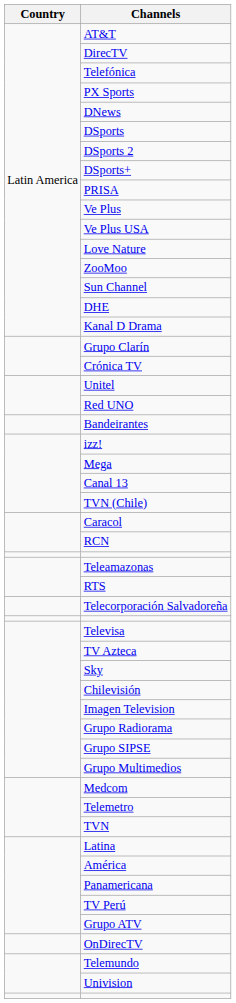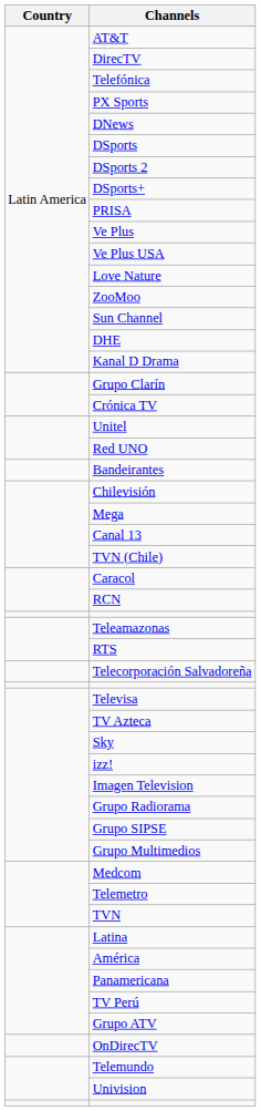 <table class="wikitable">
 <tr>
 <th>Country</th>
 <th>Channels</th>
 </tr>
 <tr>
 <td rowspan="16">Latin America</td>
 <td><a href='#'>AT&T</a></td>
 </tr>
 <tr>
 <td><a href='#'>DirecTV</a></td>
 </tr>
 <tr>
 <td><a href='#'>Telefónica</a></td>
 </tr>
 <tr>
 <td><a href='#'>PX Sports</a></td>
 </tr>
 <tr>
 <td><a href='#'>DNews</a></td>
 </tr>
 <tr>
 <td><a href='#'>DSports</a></td>
 </tr>
 <tr>
 <td><a href='#'>DSports 2</a></td>
 </tr>
 <tr>
 <td><a href='#'>DSports+</a></td>
 </tr>
 <tr>
 <td><a href='#'>PRISA</a></td>
 </tr>
 <tr>
 <td><a href='#'>Ve Plus</a></td>
 </tr>
 <tr>
 <td><a href='#'>Ve Plus USA</a></td>
 </tr>
 <tr>
 <td><a href='#'>Love Nature</a></td>
 </tr>
 <tr>
 <td><a href='#'>ZooMoo</a></td>
 </tr>
 <tr>
 <td><a href='#'>Sun Channel</a></td>
 </tr>
 <tr>
 <td><a href='#'>DHE</a></td>
 </tr>
 <tr>
 <td><a href='#'>Kanal D Drama</a></td>
 </tr>
 <tr>
 <td rowspan="2"></td>
 <td><a href='#'>Grupo Clarín</a></td>
 </tr>
 <tr>
 <td><a href='#'>Crónica TV</a></td>
 </tr>
 <tr>
 <td rowspan="2"></td>
 <td><a href='#'>Unitel</a></td>
 </tr>
 <tr>
 <td><a href='#'>Red UNO</a></td>
 </tr>
 <tr>
 <td></td>
 <td><a href='#'>Bandeirantes</a></td>
 </tr>
 <tr>
 <td rowspan="4"></td>
-<td><a href='#'>izz!</a></td>
+<td><a href='#'>Chilevisión</a></td>
 </tr>
 <tr>
 <td><a href='#'>Mega</a></td>
 </tr>
 <tr>
 <td><a href='#'>Canal 13</a></td>
 </tr>
 <tr>
 <td><a href='#'>TVN (Chile)</a></td>
 </tr>
 <tr>
 <td rowspan="2"></td>
 <td><a href='#'>Caracol</a></td>
 </tr>
 <tr>
 <td><a href='#'>RCN</a></td>
 </tr>
 <tr>
 <td></td>
 <td></td>
 </tr>
 <tr>
 <td rowspan="2"></td>
 <td><a href='#'>Teleamazonas</a></td>
 </tr>
 <tr>
 <td><a href='#'>RTS</a></td>
 </tr>
 <tr>
 <td></td>
 <td><a href='#'>Telecorporación Salvadoreña</a></td>
 </tr>
 <tr>
 <td></td>
 <td></td>
 </tr>
 <tr>
 <td rowspan="8"></td>
 <td><a href='#'>Televisa</a></td>
 </tr>
 <tr>
 <td><a href='#'>TV Azteca</a></td>
 </tr>
 <tr>
 <td><a href='#'>Sky</a></td>
 </tr>
 <tr>
-<td><a href='#'>Chilevisión</a></td>
+<td><a href='#'>izz!</a></td>
 </tr>
 <tr>
 <td><a href='#'>Imagen Television</a></td>
 </tr>
 <tr>
 <td><a href='#'>Grupo Radiorama</a></td>
 </tr>
 <tr>
 <td><a href='#'>Grupo SIPSE</a></td>
 </tr>
 <tr>
 <td><a href='#'>Grupo Multimedios</a></td>
 </tr>
 <tr>
 <td rowspan="3"></td>
 <td><a href='#'>Medcom</a></td>
 </tr>
 <tr>
 <td><a href='#'>Telemetro</a></td>
 </tr>
 <tr>
 <td><a href='#'>TVN</a></td>
 </tr>
 <tr>
 <td rowspan="5"></td>
 <td><a href='#'>Latina</a></td>
 </tr>
 <tr>
 <td><a href='#'>América</a></td>
 </tr>
 <tr>
 <td><a href='#'>Panamericana</a></td>
 </tr>
 <tr>
 <td><a href='#'>TV Perú</a></td>
 </tr>
 <tr>
 <td><a href='#'>Grupo ATV</a></td>
 </tr>
 <tr>
 <td></td>
 <td><a href='#'>OnDirecTV</a></td>
 </tr>
 <tr>
 <td rowspan="2"></td>
 <td><a href='#'>Telemundo</a></td>
 </tr>
 <tr>
 <td><a href='#'>Univision</a></td>
 </tr>
 <tr>
 <td></td>
 <td></td>
 </tr>
 </table>
